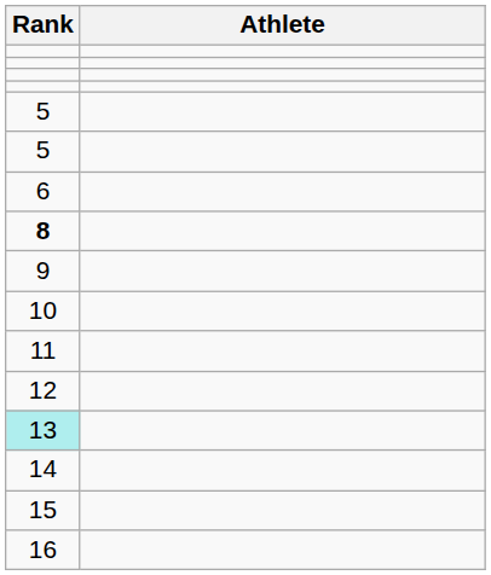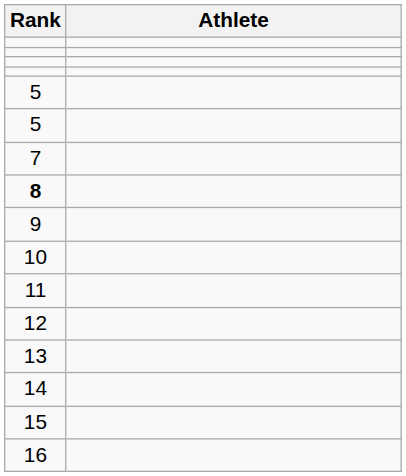 <table class="wikitable" style="text-align: center;">
 <tr>
 <th width=40>Rank</th>
 <th width=250>Athlete</th>
 </tr>
 <tr>
 <td></td>
 <td align=left></td>
 </tr>
 <tr>
 <td></td>
 <td align=left></td>
 </tr>
 <tr>
 <td></td>
 <td align=left></td>
 </tr>
 <tr>
 <td></td>
 <td align=left></td>
 </tr>
 <tr>
 <td>5</td>
 <td align=left></td>
 </tr>
 <tr>
 <td>5</td>
 <td align=left></td>
 </tr>
 <tr>
-<td>6</td>
+<td>7</td>
 <td align=left></td>
 </tr>
 <tr>
 <td><strong>8</strong></td>
 <td align=left></td>
 </tr>
 <tr>
 <td>9</td>
 <td align=left></td>
 </tr>
 <tr>
 <td>10</td>
 <td align=left></td>
 </tr>
 <tr>
 <td>11</td>
 <td align=left></td>
 </tr>
 <tr>
 <td>12</td>
 <td align=left></td>
 </tr>
 <tr>
-<td style="background: paleturquoise;">13</td>
+<td>13</td>
 <td align=left></td>
 </tr>
 <tr>
 <td>14</td>
 <td align=left></td>
 </tr>
 <tr>
 <td>15</td>
 <td align=left></td>
 </tr>
 <tr>
 <td>16</td>
 <td align=left></td>
 </tr>
 </table>
